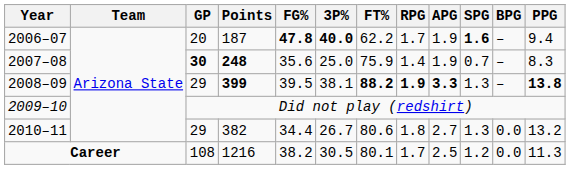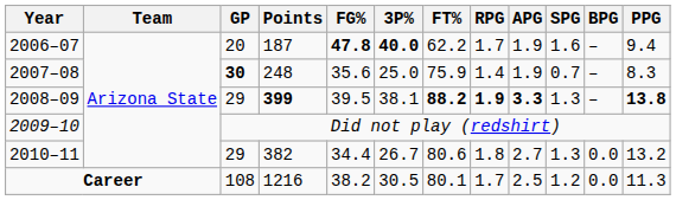 <table class="wikitable sortable">
 <tr>
 <th>Year</th>
 <th>Team</th>
 <th>GP</th>
 <th>Points</th>
 <th>FG%</th>
 <th>3P%</th>
 <th>FT%</th>
 <th>RPG</th>
 <th>APG</th>
 <th>SPG</th>
 <th>BPG</th>
 <th>PPG</th>
 </tr>
 <tr>
 <td>2006–07</td>
 <td rowspan=5><a href='#'>Arizona State</a></td>
 <td>20</td>
 <td>187</td>
 <td><strong>47.8</strong></td>
 <td><strong>40.0</strong></td>
 <td>62.2</td>
 <td>1.7</td>
 <td>1.9</td>
-<td><strong>1.6</strong></td>
+<td>1.6</td>
 <td>–</td>
 <td>9.4</td>
 </tr>
 <tr>
 <td>2007–08</td>
 <td><strong>30</strong></td>
-<td><strong>248</strong></td>
+<td>248</td>
 <td>35.6</td>
 <td>25.0</td>
 <td>75.9</td>
 <td>1.4</td>
 <td>1.9</td>
 <td>0.7</td>
 <td>–</td>
 <td>8.3</td>
 </tr>
 <tr>
 <td>2008–09</td>
 <td>29</td>
 <td><strong>399</strong></td>
 <td>39.5</td>
 <td>38.1</td>
 <td><strong>88.2</strong></td>
 <td><strong>1.9</strong></td>
 <td><strong>3.3</strong></td>
 <td>1.3</td>
 <td>–</td>
 <td><strong>13.8</strong></td>
 </tr>
 <tr class="sortbottom">
 <td><em>2009–10</em></td>
 <td colspan=10 align=center><em>Did not play (<a href='#'>redshirt</a>)</em></td>
 </tr>
 <tr>
 <td>2010–11</td>
 <td>29</td>
 <td>382</td>
 <td>34.4</td>
 <td>26.7</td>
 <td>80.6</td>
 <td>1.8</td>
 <td>2.7</td>
 <td>1.3</td>
 <td>0.0</td>
 <td>13.2</td>
 </tr>
 <tr class="sortbottom">
 <td colspan=2 align=center><strong>Career</strong></td>
 <td>108</td>
 <td>1216</td>
 <td>38.2</td>
 <td>30.5</td>
 <td>80.1</td>
 <td>1.7</td>
 <td>2.5</td>
 <td>1.2</td>
 <td>0.0</td>
 <td>11.3</td>
 </tr>
 </table>
